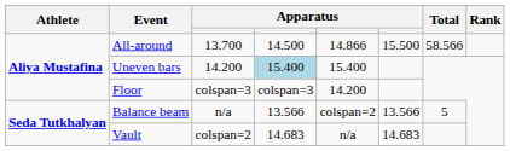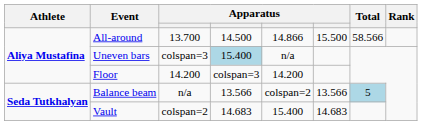 <table class="wikitable" style="text-align:center; font-size:90%">
 <tr>
 <th rowspan=2>Athlete</th>
 <th rowspan=2>Event</th>
 <th colspan =4>Apparatus</th>
 <th rowspan=2>Total</th>
 <th rowspan=2>Rank</th>
 </tr>
 <tr style="font-size:95%">
 <th></th>
 <th></th>
 <th></th>
 <th></th>
 </tr>
 <tr>
 <td style="text-align:left;" rowspan=3><strong><a href='#'>Aliya Mustafina</a></strong></td>
 <td align=left><a href='#'>All-around</a></td>
 <td>13.700</td>
 <td>14.500</td>
 <td>14.866</td>
 <td>15.500</td>
 <td>58.566</td>
 <td></td>
 </tr>
 <tr>
 <td align=left><a href='#'>Uneven bars</a></td>
-<td>14.200</td>
+<td>colspan=3 </td>
 <td style="background: lightblue;">15.400</td>
-<td>15.400</td>
+<td>n/a</td>
 <td></td>
 </tr>
 <tr>
 <td align=left><a href='#'>Floor</a></td>
-<td>colspan=3 </td>
+<td>14.200</td>
 <td>colspan=3 </td>
 <td>14.200</td>
 <td></td>
 </tr>
 <tr>
 <td rowspan=2 align=left><strong><a href='#'>Seda Tutkhalyan</a></strong></td>
 <td align=left><a href='#'>Balance beam</a></td>
 <td>n/a</td>
 <td>13.566</td>
 <td>colspan=2 </td>
 <td>13.566</td>
-<td>5</td>
+<td style="background: lightblue;">5</td>
 </tr>
 <tr>
 <td align=left><a href='#'>Vault</a></td>
 <td>colspan=2 </td>
 <td>14.683</td>
-<td>n/a</td>
+<td>15.400</td>
 <td>14.683</td>
 <td></td>
 </tr>
 </table>
